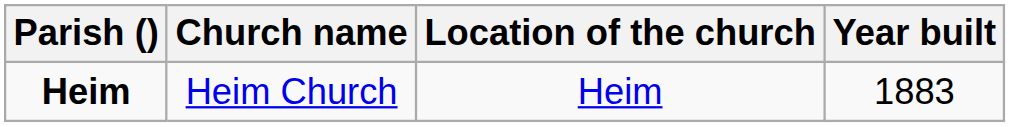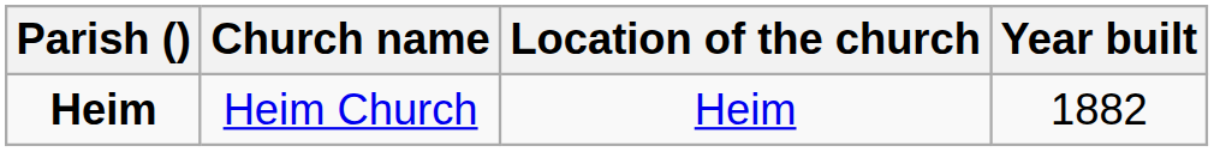 <table class="wikitable" style="text-align:center">
 <tr>
 <th>Parish ()</th>
 <th>Church name</th>
 <th>Location of the church</th>
 <th>Year built</th>
 </tr>
 <tr>
 <td><strong>Heim</strong></td>
 <td><a href='#'>Heim Church</a></td>
 <td><a href='#'>Heim</a></td>
-<td>1883</td>
+<td>1882</td>
 </tr>
 </table>
